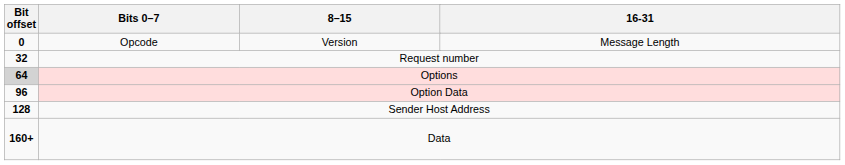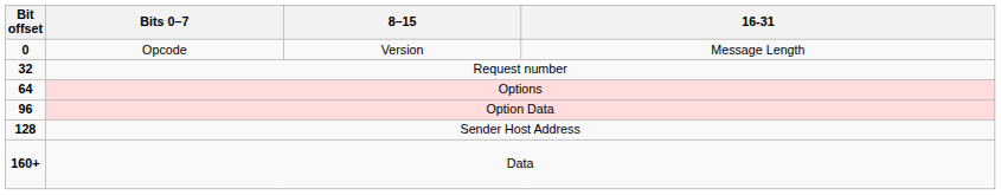 <table class="wikitable" style="text-align:center">
 <tr>
 <th>Bit offset</th>
 <th colspan="8" width="25%">Bits 0–7</th>
 <th colspan="8" width="25%">8–15</th>
 <th colspan="16" width="50%">16-31</th>
 </tr>
 <tr>
 <td><strong>0</strong></td>
 <td colspan="8">Opcode</td>
 <td colspan="8">Version</td>
 <td colspan="16">Message Length</td>
 </tr>
 <tr>
 <td><strong>32</strong></td>
 <td colspan="32">Request number</td>
 </tr>
 <tr>
-<td style="background: lightgrey;"><strong>64</strong></td>
+<td><strong>64</strong></td>
 <td colspan="32" bgcolor="#FFDDDD">Options</td>
 </tr>
 <tr>
 <td><strong>96</strong></td>
 <td colspan="32" bgcolor="#FFDDDD">Option Data</td>
 </tr>
 <tr>
 <td><strong>128</strong></td>
 <td colspan="32">Sender Host Address</td>
 </tr>
 <tr>
 <td><strong>160+</strong></td>
 <td colspan="32"> <br>Data<br> </td>
 </tr>
 </table>
